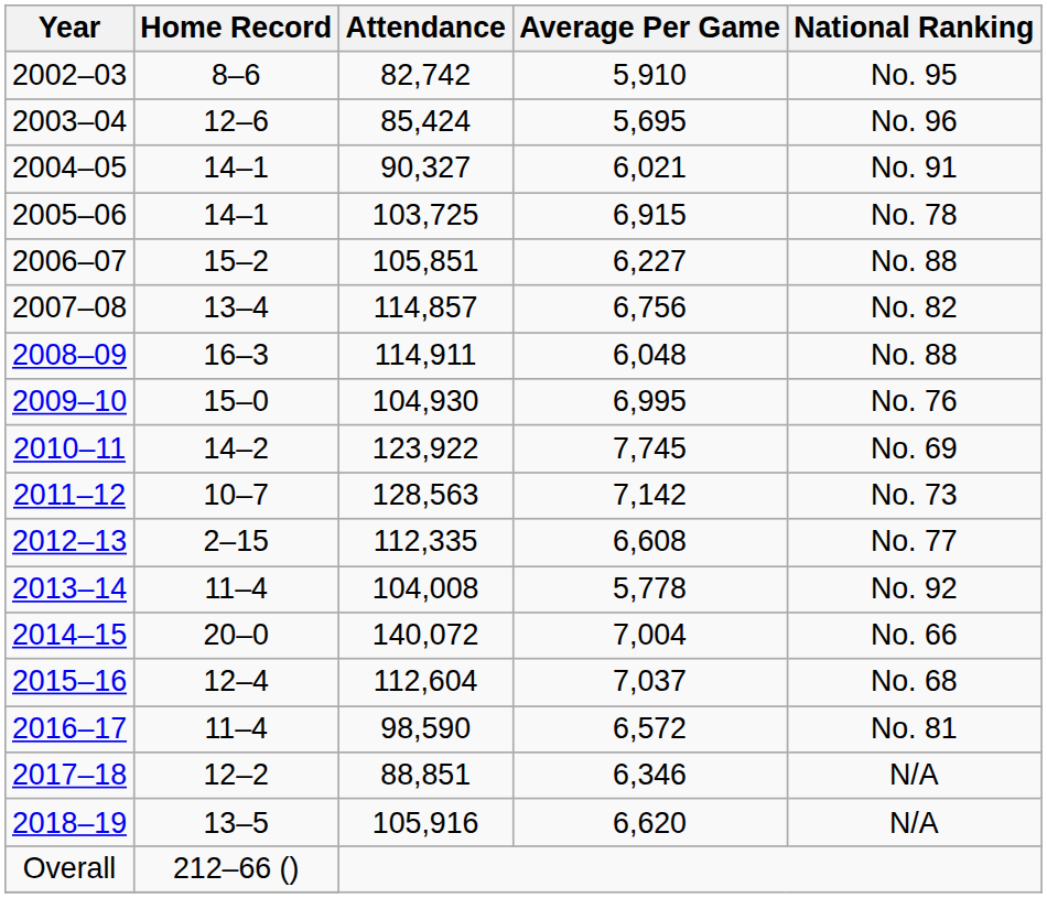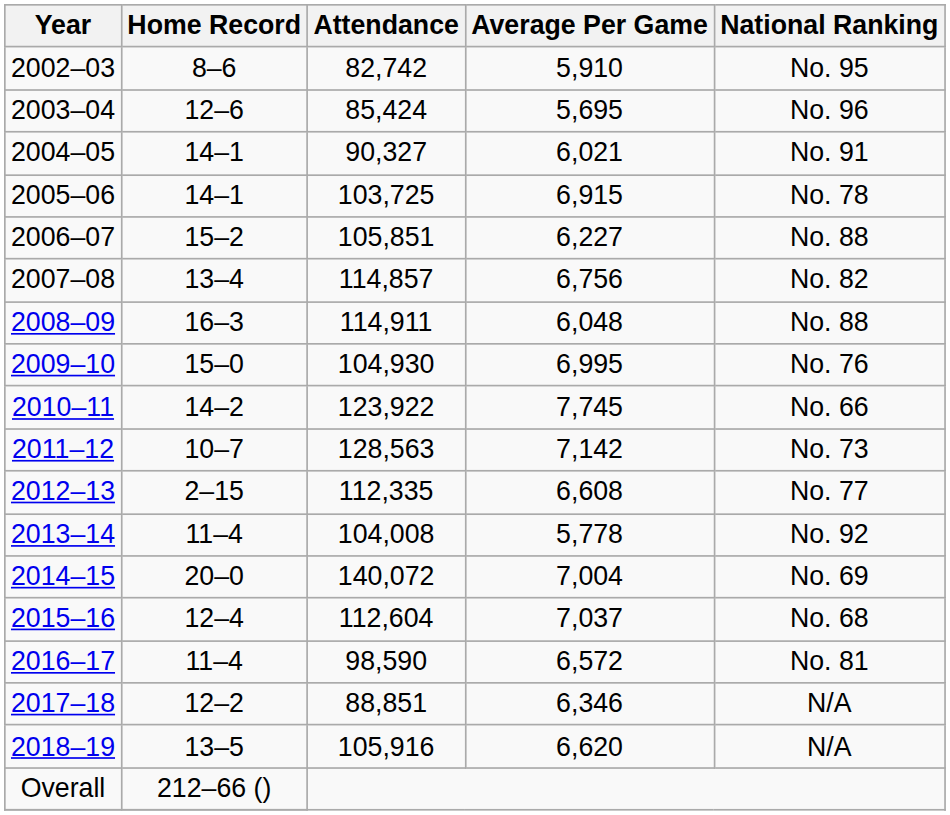 <table class="wikitable">
 <tr>
 <th>Year</th>
 <th>Home Record</th>
 <th>Attendance</th>
 <th>Average Per Game</th>
 <th>National Ranking</th>
 </tr>
 <tr align="center">
 <td>2002–03</td>
 <td>8–6</td>
 <td>82,742</td>
 <td>5,910</td>
 <td>No. 95</td>
 </tr>
 <tr align="center">
 <td>2003–04</td>
 <td>12–6</td>
 <td>85,424</td>
 <td>5,695</td>
 <td>No. 96</td>
 </tr>
 <tr align="center">
 <td>2004–05</td>
 <td>14–1</td>
 <td>90,327</td>
 <td>6,021</td>
 <td>No. 91</td>
 </tr>
 <tr align="center">
 <td>2005–06</td>
 <td>14–1</td>
 <td>103,725</td>
 <td>6,915</td>
 <td>No. 78</td>
 </tr>
 <tr align="center">
 <td>2006–07</td>
 <td>15–2</td>
 <td>105,851</td>
 <td>6,227</td>
 <td>No. 88</td>
 </tr>
 <tr align="center">
 <td>2007–08</td>
 <td>13–4</td>
 <td>114,857</td>
 <td>6,756</td>
 <td>No. 82</td>
 </tr>
 <tr align="center">
 <td><a href='#'>2008–09</a></td>
 <td>16–3</td>
 <td>114,911</td>
 <td>6,048</td>
 <td>No. 88</td>
 </tr>
 <tr align="center">
 <td><a href='#'>2009–10</a></td>
 <td>15–0</td>
 <td>104,930</td>
 <td>6,995</td>
 <td>No. 76</td>
 </tr>
 <tr align="center">
 <td><a href='#'>2010–11</a></td>
 <td>14–2</td>
 <td>123,922</td>
 <td>7,745</td>
-<td>No. 69</td>
+<td>No. 66</td>
 </tr>
 <tr align="center">
 <td><a href='#'>2011–12</a></td>
 <td>10–7</td>
 <td>128,563</td>
 <td>7,142</td>
 <td>No. 73</td>
 </tr>
 <tr align="center">
 <td><a href='#'>2012–13</a></td>
 <td>2–15</td>
 <td>112,335</td>
 <td>6,608</td>
 <td>No. 77</td>
 </tr>
 <tr align="center">
 <td><a href='#'>2013–14</a></td>
 <td>11–4</td>
 <td>104,008</td>
 <td>5,778</td>
 <td>No. 92</td>
 </tr>
 <tr align="center">
 <td><a href='#'>2014–15</a></td>
 <td>20–0</td>
 <td>140,072</td>
 <td>7,004</td>
-<td>No. 66</td>
+<td>No. 69</td>
 </tr>
 <tr align="center">
 <td><a href='#'>2015–16</a></td>
 <td>12–4</td>
 <td>112,604</td>
 <td>7,037</td>
 <td>No. 68</td>
 </tr>
 <tr align="center"}>
 <td><a href='#'>2016–17</a></td>
 <td>11–4</td>
 <td>98,590</td>
 <td>6,572</td>
 <td>No. 81</td>
 </tr>
 <tr align="center">
 <td><a href='#'>2017–18</a></td>
 <td>12–2</td>
 <td>88,851</td>
 <td>6,346</td>
 <td>N/A</td>
 </tr>
 <tr align="center">
 <td><a href='#'>2018–19</a></td>
 <td>13–5</td>
 <td>105,916</td>
 <td>6,620</td>
 <td>N/A</td>
 </tr>
 <tr align="center"}>
 <td>Overall</td>
 <td>212–66 ()</td>
 </tr>
 <tr align="center"}>
 </tr>
 </table>
